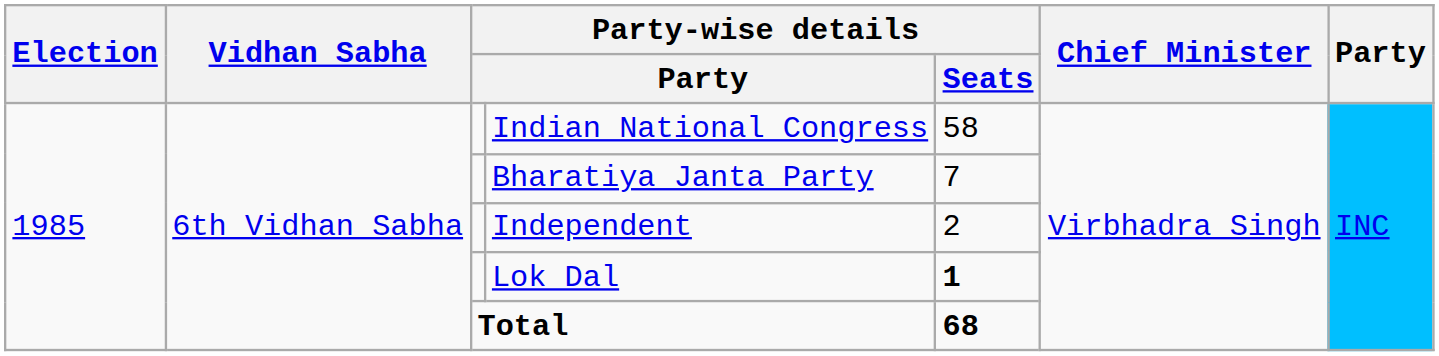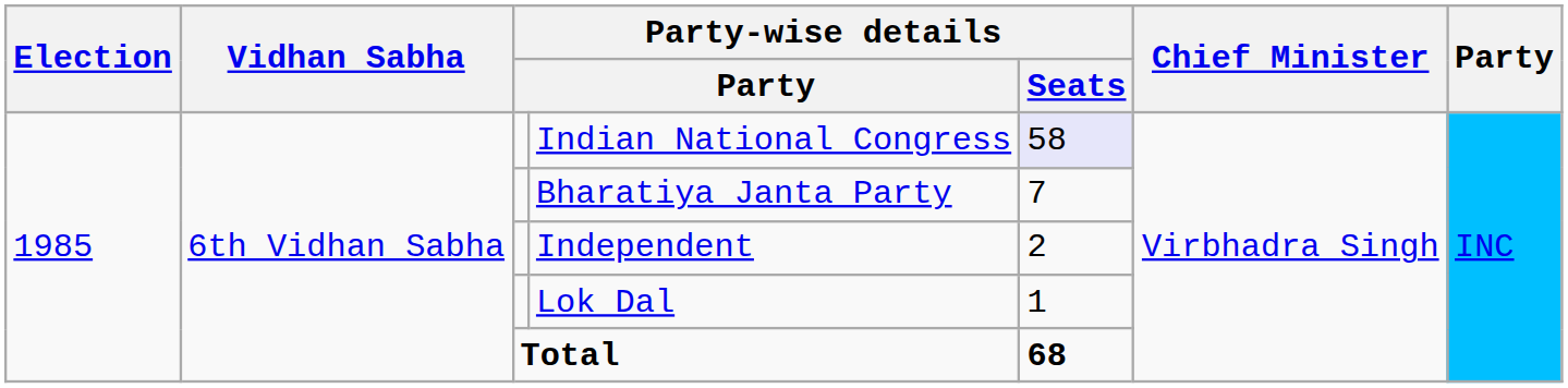 <table class="wikitable sortable">
 <tr>
 <th rowspan="2"><a href='#'>Election</a></th>
 <th rowspan="2"><a href='#'>Vidhan Sabha</a></th>
 <th colspan="3">Party-wise details</th>
 <th rowspan="2"><a href='#'>Chief Minister</a></th>
 <th rowspan="2">Party</th>
 </tr>
 <tr>
 <th colspan="2">Party</th>
 <th><a href='#'>Seats</a></th>
 </tr>
 <tr>
 <td rowspan="5"><a href='#'>1985</a></td>
 <td rowspan="5"><a href='#'>6th Vidhan Sabha</a></td>
 <td style="background-color: "></td>
 <td><a href='#'>Indian National Congress</a></td>
-<td>58</td>
+<td style="background: lavender;">58</td>
 <td rowspan="5"><a href='#'>Virbhadra Singh</a></td>
 <td rowspan="5" bgcolor=#00BFFF><a href='#'>INC</a></td>
 </tr>
 <tr>
 <td style="background-color: "></td>
 <td><a href='#'>Bharatiya Janta Party</a></td>
 <td>7</td>
 </tr>
 <tr>
 <td style="background-color: "></td>
 <td><a href='#'>Independent</a></td>
 <td>2</td>
 </tr>
 <tr>
 <td style="background-color: "></td>
 <td><a href='#'>Lok Dal</a></td>
-<td><strong>1</strong></td>
+<td>1</td>
 </tr>
 <tr>
 <td colspan="2"><strong>Total</strong></td>
 <td><strong>68</strong></td>
 </tr>
 </table>
